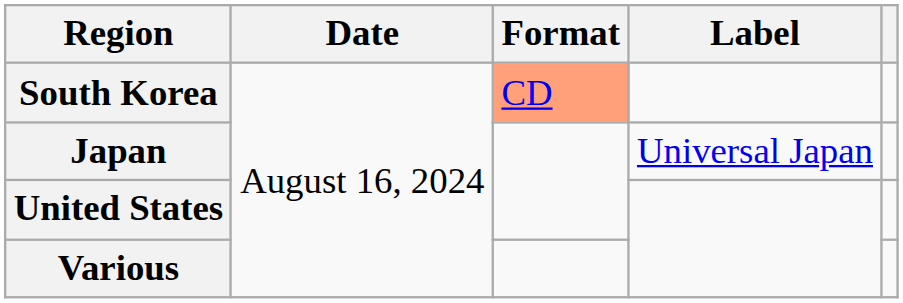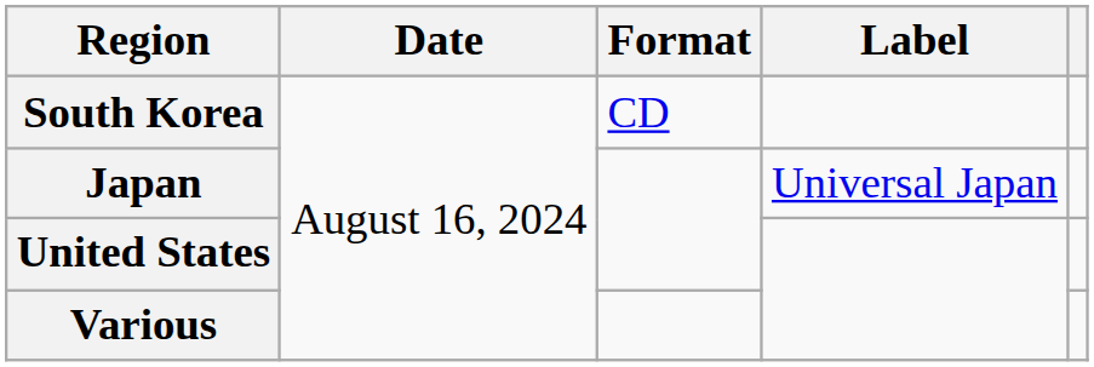 <table class="wikitable plainrowheaders">
 <tr>
 <th scope="col">Region</th>
 <th scope="col">Date</th>
 <th scope="col">Format</th>
 <th scope="col">Label</th>
 <th scope="col"></th>
 </tr>
 <tr>
 <th scope="row">South Korea</th>
 <td rowspan="4">August 16, 2024</td>
-<td style="background: lightsalmon;"><a href='#'>CD</a></td>
+<td><a href='#'>CD</a></td>
 <td></td>
 <td style="text-align:center"></td>
 </tr>
 <tr>
 <th scope="row">Japan</th>
 <td rowspan="2"></td>
 <td><a href='#'>Universal Japan</a></td>
 <td style="text-align:center"></td>
 </tr>
 <tr>
 <th scope="row">United States</th>
 <td rowspan="2"></td>
 <td style="text-align:center"></td>
 </tr>
 <tr>
 <th scope="row">Various</th>
 <td></td>
 <td style="text-align:center"></td>
 </tr>
 </table>
